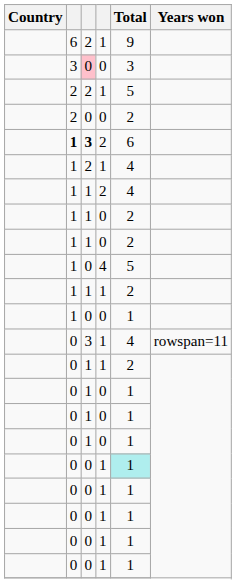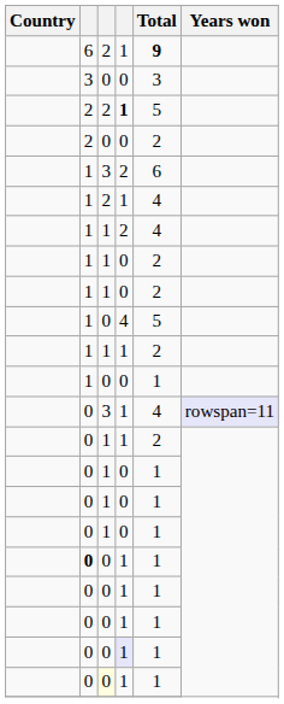 <table class="wikitable sortable" style="margin-top:0; font-size:90%;">
 <tr>
 <th>Country</th>
 <th></th>
 <th></th>
 <th></th>
 <th>Total</th>
 <th>Years won</th>
 </tr>
 <tr>
 <td></td>
 <td align=center>6</td>
 <td align=center>2</td>
 <td align=center>1</td>
-<td align=center>9</td>
+<td align=center><strong>9</strong></td>
 <td></td>
 </tr>
 <tr>
 <td></td>
 <td align=center>3</td>
-<td align=center style="background: pink;">0</td>
+<td align=center>0</td>
 <td align=center>0</td>
 <td align=center>3</td>
 <td></td>
 </tr>
 <tr>
 <td></td>
 <td align=center>2</td>
 <td align=center>2</td>
-<td align=center>1</td>
+<td align=center><strong>1</strong></td>
 <td align=center>5</td>
 <td></td>
 </tr>
 <tr>
 <td></td>
 <td align=center>2</td>
 <td align=center>0</td>
 <td align=center>0</td>
 <td align=center>2</td>
 <td></td>
 </tr>
 <tr>
 <td></td>
-<td align=center><strong>1</strong></td>
-<td align=center><strong>3</strong></td>
+<td align=center>1</td>
+<td align=center>3</td>
 <td align=center>2</td>
 <td align=center>6</td>
 <td></td>
 </tr>
 <tr>
 <td></td>
 <td align=center>1</td>
 <td align=center>2</td>
 <td align=center>1</td>
 <td align=center>4</td>
 <td></td>
 </tr>
 <tr>
 <td></td>
 <td align=center>1</td>
 <td align=center>1</td>
 <td align=center>2</td>
 <td align=center>4</td>
 <td></td>
 </tr>
 <tr>
 <td></td>
 <td align=center>1</td>
 <td align=center>1</td>
 <td align=center>0</td>
 <td align=center>2</td>
 <td></td>
 </tr>
 <tr>
 <td></td>
 <td align=center>1</td>
 <td align=center>1</td>
 <td align=center>0</td>
 <td align=center>2</td>
 <td></td>
 </tr>
 <tr>
 <td></td>
 <td align=center>1</td>
 <td align=center>0</td>
 <td align=center>4</td>
 <td align=center>5</td>
 <td></td>
 </tr>
 <tr>
 <td></td>
 <td align=center>1</td>
 <td align=center>1</td>
 <td align=center>1</td>
 <td align=center>2</td>
 <td></td>
 </tr>
 <tr>
 <td></td>
 <td align=center>1</td>
 <td align=center>0</td>
 <td align=center>0</td>
 <td align=center>1</td>
 <td></td>
 </tr>
 <tr>
 <td></td>
 <td align=center>0</td>
 <td align=center>3</td>
 <td align=center>1</td>
 <td align=center>4</td>
-<td>rowspan=11 </td>
+<td style="background: lavender;">rowspan=11 </td>
 </tr>
 <tr>
 <td></td>
 <td align=center>0</td>
 <td align=center>1</td>
 <td align=center>1</td>
 <td align=center>2</td>
 </tr>
 <tr>
 <td></td>
 <td align=center>0</td>
 <td align=center>1</td>
 <td align=center>0</td>
 <td align=center>1</td>
 </tr>
 <tr>
 <td></td>
 <td align=center>0</td>
 <td align=center>1</td>
 <td align=center>0</td>
 <td align=center>1</td>
 </tr>
 <tr>
 <td></td>
 <td align=center>0</td>
 <td align=center>1</td>
 <td align=center>0</td>
 <td align=center>1</td>
 </tr>
 <tr>
 <td></td>
-<td align=center>0</td>
-<td align=center>0</td>
-<td align=center>1</td>
-<td align=center style="background: paleturquoise;">1</td>
-</tr>
-<tr>
-<td></td>
-<td align=center>0</td>
+<td align=center><strong>0</strong></td>
 <td align=center>0</td>
 <td align=center>1</td>
 <td align=center>1</td>
 </tr>
 <tr>
 <td></td>
 <td align=center>0</td>
 <td align=center>0</td>
 <td align=center>1</td>
 <td align=center>1</td>
 </tr>
 <tr>
 <td></td>
 <td align=center>0</td>
 <td align=center>0</td>
 <td align=center>1</td>
 <td align=center>1</td>
 </tr>
 <tr>
 <td></td>
 <td align=center>0</td>
 <td align=center>0</td>
+<td align=center style="background: lavender;">1</td>
+<td align=center>1</td>
+</tr>
+<tr>
+<td></td>
+<td align=center>0</td>
+<td align=center style="background: lightyellow;">0</td>
 <td align=center>1</td>
 <td align=center>1</td>
 </tr>
 <tr>
 </tr>
 </table>
